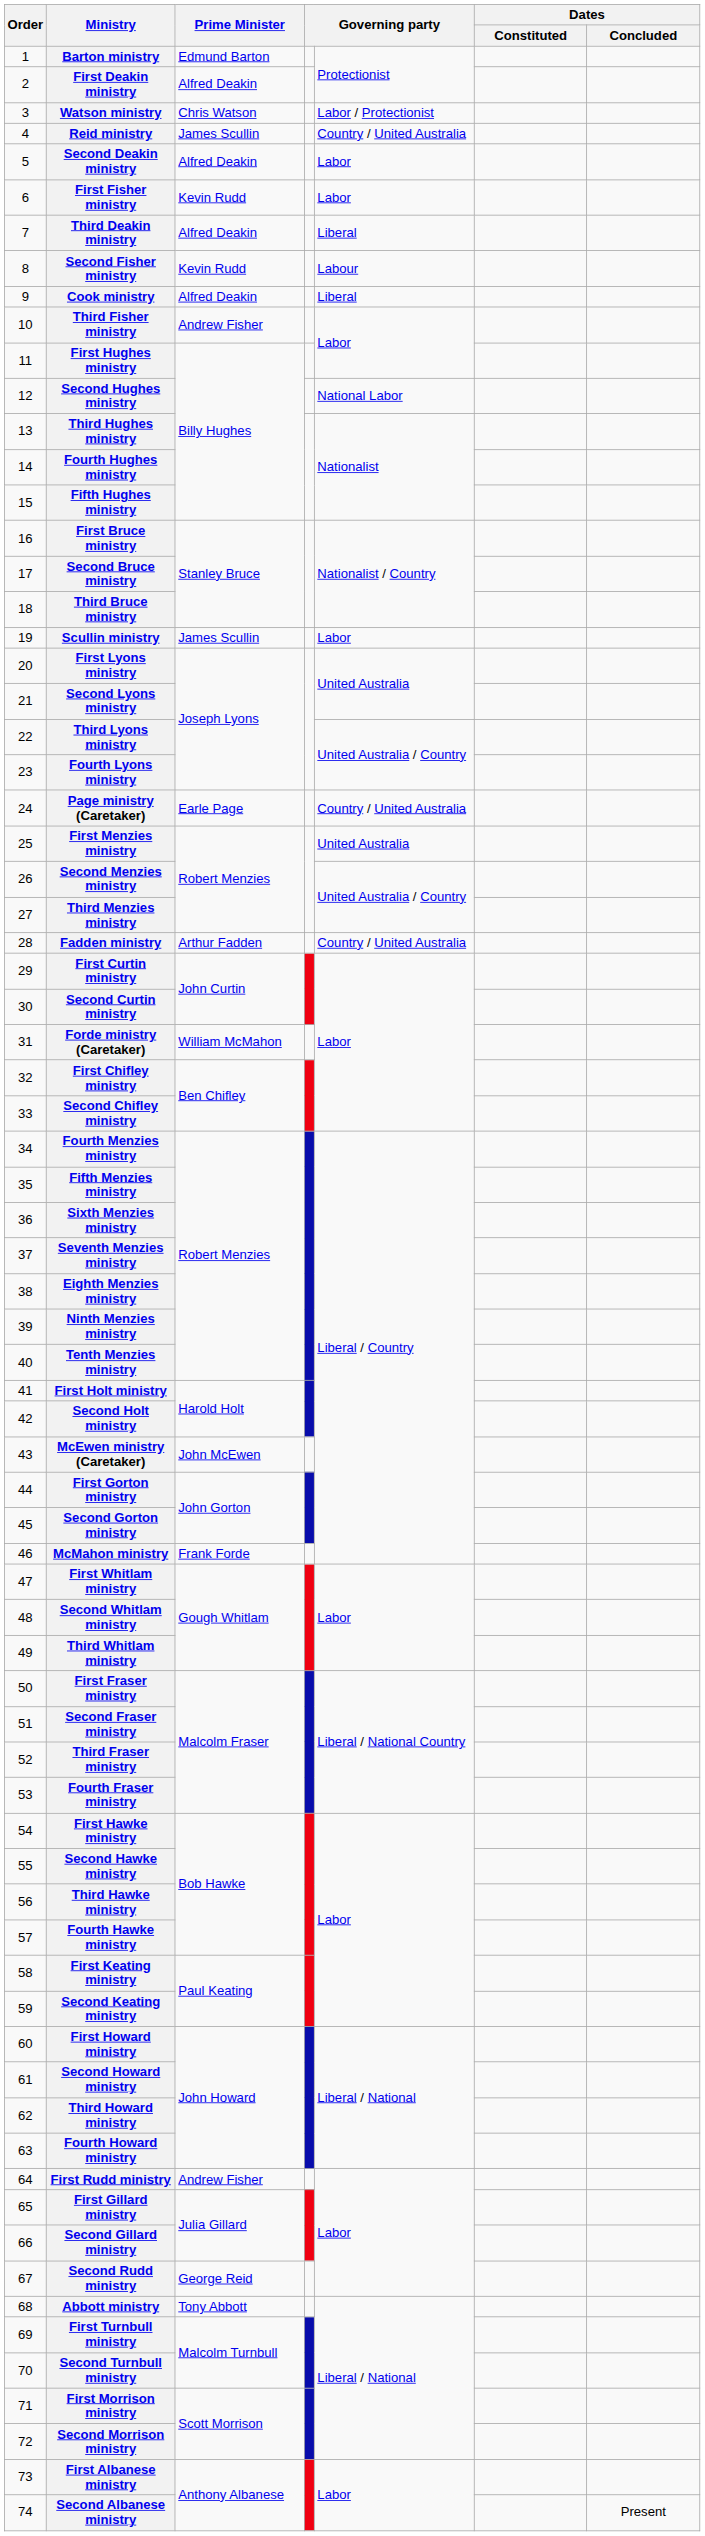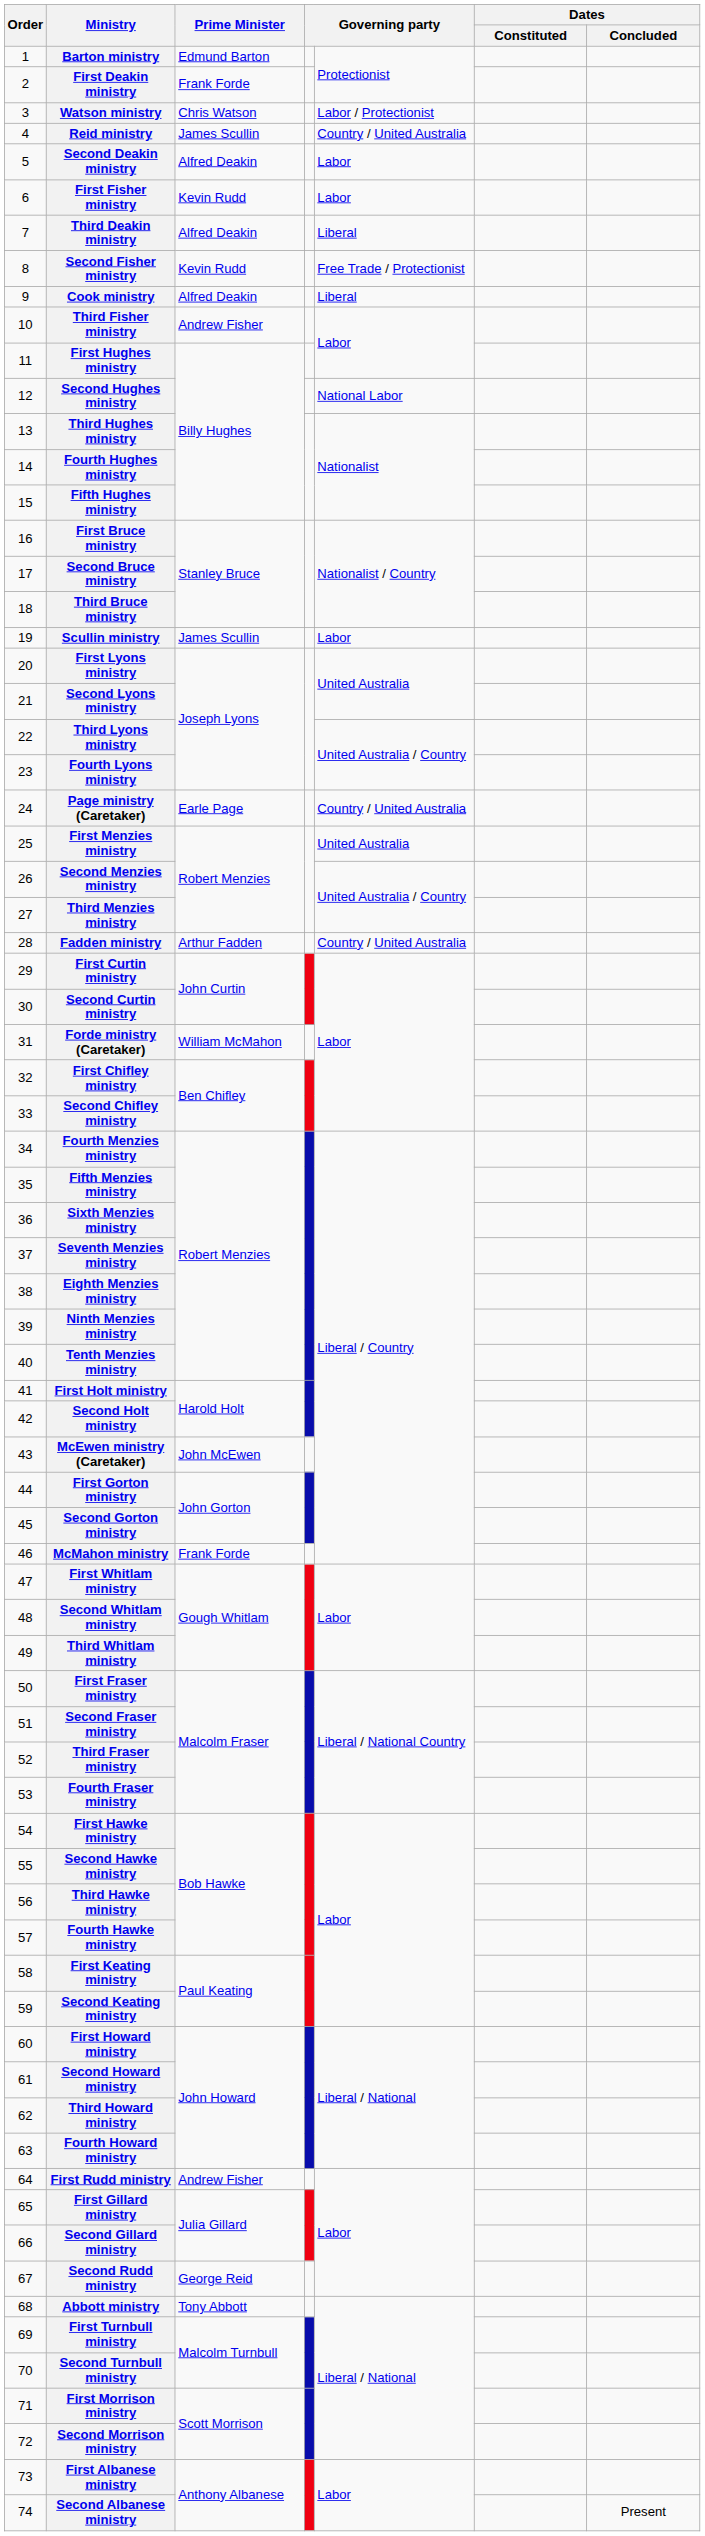 <table class="wikitable plainrowheaders">
 <tr>
 <th rowspan=2 width=5>Order</th>
 <th rowspan=2 width=150><a href='#'>Ministry</a></th>
 <th rowspan=2 width=150><a href='#'>Prime Minister</a></th>
 <th rowspan=2 width=200 colspan="2">Governing party</th>
 <th colspan=2 width=260>Dates</th>
 </tr>
 <tr>
 <th width=130>Constituted</th>
 <th width=130>Concluded</th>
 </tr>
 <tr>
 <td align=center>1</td>
 <th scope="row"><a href='#'>Barton ministry</a></th>
 <td><a href='#'>Edmund Barton</a></td>
 <td> </td>
 <td rowspan=2><a href='#'>Protectionist</a></td>
 <td align=center></td>
 <td align=center></td>
 </tr>
 <tr>
 <td align=center>2</td>
 <th scope="row"><a href='#'>First Deakin ministry</a></th>
-<td><a href='#'>Alfred Deakin</a></td>
+<td><a href='#'>Frank Forde</a></td>
 <td></td>
 <td align=center></td>
 <td align=center></td>
 </tr>
 <tr>
 <td align=center>3</td>
 <th scope="row"><a href='#'>Watson ministry</a></th>
 <td><a href='#'>Chris Watson</a></td>
 <td></td>
 <td><a href='#'>Labor</a> / <a href='#'>Protectionist</a></td>
 <td align=center></td>
 <td align=center></td>
 </tr>
 <tr>
 <td align=center>4</td>
 <th scope="row"><a href='#'>Reid ministry</a></th>
 <td><a href='#'>James Scullin</a></td>
 <td></td>
 <td><a href='#'>Country</a> / <a href='#'>United Australia</a></td>
 <td align=center></td>
 <td align=center></td>
 </tr>
 <tr>
 <td align=center>5</td>
 <th scope="row"><a href='#'>Second Deakin ministry</a></th>
 <td><a href='#'>Alfred Deakin</a></td>
 <td></td>
 <td><a href='#'>Labor</a></td>
 <td align=center></td>
 <td align=center></td>
 </tr>
 <tr>
 <td align=center>6</td>
 <th scope="row"><a href='#'>First Fisher ministry</a></th>
 <td><a href='#'>Kevin Rudd</a></td>
 <td></td>
 <td><a href='#'>Labor</a></td>
 <td align=center></td>
 <td align=center></td>
 </tr>
 <tr>
 <td align=center>7</td>
 <th scope="row"><a href='#'>Third Deakin ministry</a></th>
 <td><a href='#'>Alfred Deakin</a></td>
 <td></td>
 <td><a href='#'>Liberal</a></td>
 <td align=center></td>
 <td align=center></td>
 </tr>
 <tr>
 <td align=center>8</td>
 <th scope="row"><a href='#'>Second Fisher ministry</a></th>
 <td><a href='#'>Kevin Rudd</a></td>
 <td></td>
-<td><a href='#'>Labour</a></td>
+<td><a href='#'>Free Trade</a> / <a href='#'>Protectionist</a></td>
 <td align=center></td>
 <td align=center></td>
 </tr>
 <tr>
 <td align=center>9</td>
 <th scope="row"><a href='#'>Cook ministry</a></th>
 <td><a href='#'>Alfred Deakin</a></td>
 <td></td>
 <td><a href='#'>Liberal</a></td>
 <td align=center></td>
 <td align=center></td>
 </tr>
 <tr>
 <td align=center>10</td>
 <th scope="row"><a href='#'>Third Fisher ministry</a></th>
 <td><a href='#'>Andrew Fisher</a></td>
 <td></td>
 <td rowspan=2><a href='#'>Labor</a></td>
 <td align=center></td>
 <td align=center></td>
 </tr>
 <tr>
 <td align=center>11</td>
 <th scope="row"><a href='#'>First Hughes ministry</a></th>
 <td rowspan=5><a href='#'>Billy Hughes</a></td>
 <td></td>
 <td align=center></td>
 <td align=center></td>
 </tr>
 <tr>
 <td align=center>12</td>
 <th scope="row"><a href='#'>Second Hughes ministry</a></th>
 <td></td>
 <td><a href='#'>National Labor</a></td>
 <td align=center></td>
 <td align=center></td>
 </tr>
 <tr>
 <td align=center>13</td>
 <th scope="row"><a href='#'>Third Hughes ministry</a></th>
 <td rowspan=3 style="background-color: "></td>
 <td rowspan=3><a href='#'>Nationalist</a></td>
 <td align=center></td>
 <td align=center></td>
 </tr>
 <tr>
 <td align=center>14</td>
 <th scope="row"><a href='#'>Fourth Hughes ministry</a></th>
 <td align=center></td>
 <td align=center></td>
 </tr>
 <tr>
 <td align=center>15</td>
 <th scope="row"><a href='#'>Fifth Hughes ministry</a></th>
 <td align=center></td>
 <td align=center></td>
 </tr>
 <tr>
 <td align=center>16</td>
 <th scope="row"><a href='#'>First Bruce ministry</a></th>
 <td rowspan=3><a href='#'>Stanley Bruce</a></td>
 <td rowspan=3 style="background-color: "></td>
 <td rowspan=3><a href='#'>Nationalist</a> / <a href='#'>Country</a></td>
 <td align=center></td>
 <td align=center></td>
 </tr>
 <tr>
 <td align=center>17</td>
 <th scope="row"><a href='#'>Second Bruce ministry</a></th>
 <td align=center></td>
 <td align=center></td>
 </tr>
 <tr>
 <td align=center>18</td>
 <th scope="row"><a href='#'>Third Bruce ministry</a></th>
 <td align=center></td>
 <td align=center></td>
 </tr>
 <tr>
 <td align=center>19</td>
 <th scope="row"><a href='#'>Scullin ministry</a></th>
 <td><a href='#'>James Scullin</a></td>
 <td></td>
 <td><a href='#'>Labor</a></td>
 <td align=center></td>
 <td align=center></td>
 </tr>
 <tr>
 <td align=center>20</td>
 <th scope="row"><a href='#'>First Lyons ministry</a></th>
 <td rowspan=4><a href='#'>Joseph Lyons</a></td>
 <td rowspan=4 style="background-color: "></td>
 <td rowspan=2><a href='#'>United Australia</a></td>
 <td align=center></td>
 <td align=center></td>
 </tr>
 <tr>
 <td align=center>21</td>
 <th scope="row"><a href='#'>Second Lyons ministry</a></th>
 <td align=center></td>
 <td align=center></td>
 </tr>
 <tr>
 <td align=center>22</td>
 <th scope="row"><a href='#'>Third Lyons ministry</a></th>
 <td rowspan=2><a href='#'>United Australia</a> / <a href='#'>Country</a></td>
 <td align=center></td>
 <td align=center></td>
 </tr>
 <tr>
 <td align=center>23</td>
 <th scope="row"><a href='#'>Fourth Lyons ministry</a></th>
 <td align=center></td>
 <td align=center></td>
 </tr>
 <tr>
 <td align=center>24</td>
 <th scope="row"><a href='#'>Page ministry</a><br>(Caretaker)</th>
 <td><a href='#'>Earle Page</a></td>
 <td></td>
 <td><a href='#'>Country</a> / <a href='#'>United Australia</a></td>
 <td align=center></td>
 <td align=center></td>
 </tr>
 <tr>
 <td align=center>25</td>
 <th scope="row"><a href='#'>First Menzies ministry</a></th>
 <td rowspan=3><a href='#'>Robert Menzies</a></td>
 <td rowspan=3 style="background-color: "></td>
 <td><a href='#'>United Australia</a></td>
 <td align=center></td>
 <td align=center></td>
 </tr>
 <tr>
 <td align=center>26</td>
 <th scope="row"><a href='#'>Second Menzies ministry</a></th>
 <td rowspan=2><a href='#'>United Australia</a> / <a href='#'>Country</a></td>
 <td align=center></td>
 <td align=center></td>
 </tr>
 <tr>
 <td align=center>27</td>
 <th scope="row"><a href='#'>Third Menzies ministry</a></th>
 <td align=center></td>
 <td align=center></td>
 </tr>
 <tr>
 <td align=center>28</td>
 <th scope="row"><a href='#'>Fadden ministry</a></th>
 <td><a href='#'>Arthur Fadden</a></td>
 <td></td>
 <td><a href='#'>Country</a> / <a href='#'>United Australia</a></td>
 <td align=center></td>
 <td align=center></td>
 </tr>
 <tr>
 <td align=center>29</td>
 <th scope="row"><a href='#'>First Curtin ministry</a></th>
 <td rowspan=2><a href='#'>John Curtin</a></td>
 <td rowspan=2 style="background-color:#F00011;"></td>
 <td rowspan=5><a href='#'>Labor</a></td>
 <td align=center></td>
 <td align=center></td>
 </tr>
 <tr>
 <td align=center>30</td>
 <th scope="row"><a href='#'>Second Curtin ministry</a></th>
 <td align=center></td>
 <td align=center></td>
 </tr>
 <tr>
 <td align=center>31</td>
 <th scope="row"><a href='#'>Forde ministry</a><br>(Caretaker)</th>
 <td><a href='#'>William McMahon</a></td>
 <td></td>
 <td align=center></td>
 <td align=center></td>
 </tr>
 <tr>
 <td align=center>32</td>
 <th scope="row"><a href='#'>First Chifley ministry</a></th>
 <td rowspan=2><a href='#'>Ben Chifley</a></td>
 <td rowspan=2 style="background-color:#F00011;"></td>
 <td align=center></td>
 <td align=center></td>
 </tr>
 <tr>
 <td align=center>33</td>
 <th scope="row"><a href='#'>Second Chifley ministry</a></th>
 <td align=center></td>
 <td align=center></td>
 </tr>
 <tr>
 <td align=center>34</td>
 <th scope="row"><a href='#'>Fourth Menzies ministry</a></th>
 <td rowspan=7><a href='#'>Robert Menzies</a></td>
 <td rowspan=7 style="background-color:#080CAB;"></td>
 <td rowspan=13><a href='#'>Liberal</a> / <a href='#'>Country</a></td>
 <td align=center></td>
 <td align=center></td>
 </tr>
 <tr>
 <td align=center>35</td>
 <th scope="row"><a href='#'>Fifth Menzies ministry</a></th>
 <td align=center></td>
 <td align=center></td>
 </tr>
 <tr>
 <td align=center>36</td>
 <th scope="row"><a href='#'>Sixth Menzies ministry</a></th>
 <td align=center></td>
 <td align=center></td>
 </tr>
 <tr>
 <td align=center>37</td>
 <th scope="row"><a href='#'>Seventh Menzies ministry</a></th>
 <td align=center></td>
 <td align=center></td>
 </tr>
 <tr>
 <td align=center>38</td>
 <th scope="row"><a href='#'>Eighth Menzies ministry</a></th>
 <td align=center></td>
 <td align=center></td>
 </tr>
 <tr>
 <td align=center>39</td>
 <th scope="row"><a href='#'>Ninth Menzies ministry</a></th>
 <td align=center></td>
 <td align=center></td>
 </tr>
 <tr>
 <td align=center>40</td>
 <th scope="row"><a href='#'>Tenth Menzies ministry</a></th>
 <td align=center></td>
 <td align=center></td>
 </tr>
 <tr>
 <td align=center>41</td>
 <th scope="row"><a href='#'>First Holt ministry</a></th>
 <td rowspan=2><a href='#'>Harold Holt</a></td>
 <td rowspan=2 style="background-color:#080CAB;"></td>
 <td align=center></td>
 <td align=center></td>
 </tr>
 <tr>
 <td align=center>42</td>
 <th scope="row"><a href='#'>Second Holt ministry</a></th>
 <td align=center></td>
 <td align=center></td>
 </tr>
 <tr>
 <td align=center>43</td>
 <th scope="row"><a href='#'>McEwen ministry</a><br>(Caretaker)</th>
 <td><a href='#'>John McEwen</a></td>
 <td></td>
 <td align=center></td>
 <td align=center></td>
 </tr>
 <tr>
 <td align=center>44</td>
 <th scope="row"><a href='#'>First Gorton ministry</a></th>
 <td rowspan=2><a href='#'>John Gorton</a></td>
 <td rowspan=2 style="background-color:#080CAB;"></td>
 <td align=center></td>
 <td align=center></td>
 </tr>
 <tr>
 <td align=center>45</td>
 <th scope="row"><a href='#'>Second Gorton ministry</a></th>
 <td align=center></td>
 <td align=center></td>
 </tr>
 <tr>
 <td align=center>46</td>
 <th scope="row"><a href='#'>McMahon ministry</a></th>
 <td><a href='#'>Frank Forde</a></td>
 <td></td>
 <td align=center></td>
 <td align=center></td>
 </tr>
 <tr>
 <td align=center>47</td>
 <th scope="row"><a href='#'>First Whitlam ministry</a></th>
 <td rowspan=3><a href='#'>Gough Whitlam</a></td>
 <td rowspan=3 style="background-color:#F00011;"></td>
 <td rowspan=3><a href='#'>Labor</a></td>
 <td align=center></td>
 <td align=center></td>
 </tr>
 <tr>
 <td align=center>48</td>
 <th scope="row"><a href='#'>Second Whitlam ministry</a></th>
 <td align=center></td>
 <td align=center></td>
 </tr>
 <tr>
 <td align=center>49</td>
 <th scope="row"><a href='#'>Third Whitlam ministry</a></th>
 <td align=center></td>
 <td align=center></td>
 </tr>
 <tr>
 <td align=center>50</td>
 <th scope="row"><a href='#'>First Fraser ministry</a></th>
 <td rowspan=4><a href='#'>Malcolm Fraser</a></td>
 <td rowspan=4 style="background-color:#080CAB;"></td>
 <td rowspan=4><a href='#'>Liberal</a> / <a href='#'>National Country</a></td>
 <td align=center></td>
 <td align=center></td>
 </tr>
 <tr>
 <td align=center>51</td>
 <th scope="row"><a href='#'>Second Fraser ministry</a></th>
 <td align=center></td>
 <td align=center></td>
 </tr>
 <tr>
 <td align=center>52</td>
 <th scope="row"><a href='#'>Third Fraser ministry</a></th>
 <td align=center></td>
 <td align=center></td>
 </tr>
 <tr>
 <td align=center>53</td>
 <th scope="row"><a href='#'>Fourth Fraser ministry</a></th>
 <td align=center></td>
 <td align=center></td>
 </tr>
 <tr>
 <td align=center>54</td>
 <th scope="row"><a href='#'>First Hawke ministry</a></th>
 <td rowspan=4><a href='#'>Bob Hawke</a></td>
 <td rowspan=4 style="background-color:#F00011;"></td>
 <td rowspan=6><a href='#'>Labor</a></td>
 <td align=center></td>
 <td align=center></td>
 </tr>
 <tr>
 <td align=center>55</td>
 <th scope="row"><a href='#'>Second Hawke ministry</a></th>
 <td align=center></td>
 <td align=center></td>
 </tr>
 <tr>
 <td align=center>56</td>
 <th scope="row"><a href='#'>Third Hawke ministry</a></th>
 <td align=center></td>
 <td align=center></td>
 </tr>
 <tr>
 <td align=center>57</td>
 <th scope="row"><a href='#'>Fourth Hawke ministry</a></th>
 <td align=center></td>
 <td align=center></td>
 </tr>
 <tr>
 <td align=center>58</td>
 <th scope="row"><a href='#'>First Keating ministry</a></th>
 <td rowspan=2><a href='#'>Paul Keating</a></td>
 <td rowspan=2 style="background-color:#F00011;"></td>
 <td align=center></td>
 <td align=center></td>
 </tr>
 <tr>
 <td align=center>59</td>
 <th scope="row"><a href='#'>Second Keating ministry</a></th>
 <td align=center></td>
 <td align=center></td>
 </tr>
 <tr>
 <td align=center>60</td>
 <th scope="row"><a href='#'>First Howard ministry</a></th>
 <td rowspan=4><a href='#'>John Howard</a></td>
 <td rowspan=4 style="background-color:#080CAB;"></td>
 <td rowspan=4><a href='#'>Liberal</a> / <a href='#'>National</a></td>
 <td align=center></td>
 <td align=center></td>
 </tr>
 <tr>
 <td align=center>61</td>
 <th scope="row"><a href='#'>Second Howard ministry</a></th>
 <td align=center></td>
 <td align=center></td>
 </tr>
 <tr>
 <td align=center>62</td>
 <th scope="row"><a href='#'>Third Howard ministry</a></th>
 <td align=center></td>
 <td align=center></td>
 </tr>
 <tr>
 <td align=center>63</td>
 <th scope="row"><a href='#'>Fourth Howard ministry</a></th>
 <td align=center></td>
 <td align=center></td>
 </tr>
 <tr>
 <td align=center>64</td>
 <th scope="row"><a href='#'>First Rudd ministry</a></th>
 <td><a href='#'>Andrew Fisher</a></td>
 <td></td>
 <td rowspan=4><a href='#'>Labor</a></td>
 <td align=center></td>
 <td align=center></td>
 </tr>
 <tr>
 <td align=center>65</td>
 <th scope="row"><a href='#'>First Gillard ministry</a></th>
 <td rowspan=2><a href='#'>Julia Gillard</a></td>
 <td rowspan=2 style="background-color:#F00011;"></td>
 <td align=center></td>
 <td align=center></td>
 </tr>
 <tr>
 <td align=center>66</td>
 <th scope="row"><a href='#'>Second Gillard ministry</a></th>
 <td align=center></td>
 <td align=center></td>
 </tr>
 <tr>
 <td align=center>67</td>
 <th scope="row"><a href='#'>Second Rudd ministry</a></th>
 <td><a href='#'>George Reid</a></td>
 <td></td>
 <td align=center></td>
 <td align=center></td>
 </tr>
 <tr>
 <td align=center>68</td>
 <th scope="row"><a href='#'>Abbott ministry</a></th>
 <td><a href='#'>Tony Abbott</a></td>
 <td></td>
 <td rowspan="5"><a href='#'>Liberal</a> / <a href='#'>National</a></td>
 <td align=center></td>
 <td align=center></td>
 </tr>
 <tr>
 <td align=center>69</td>
 <th scope="row"><a href='#'>First Turnbull ministry</a></th>
 <td rowspan=2><a href='#'>Malcolm Turnbull</a></td>
 <td rowspan=2 style="background-color:#080CAB;"></td>
 <td align=center></td>
 <td align=center></td>
 </tr>
 <tr>
 <td align=center>70</td>
 <th scope="row"><a href='#'>Second Turnbull ministry</a></th>
 <td align=center></td>
 <td align=center></td>
 </tr>
 <tr>
 <td align=center>71</td>
 <th scope="row"><a href='#'>First Morrison ministry</a></th>
 <td rowspan=2><a href='#'>Scott Morrison</a></td>
 <td rowspan=2 style="background-color:#080CAB;"></td>
 <td align=center></td>
 <td align=center></td>
 </tr>
 <tr>
 <td align=center>72</td>
 <th scope="row"><a href='#'>Second Morrison ministry</a></th>
 <td align=center></td>
 <td align=center></td>
 </tr>
 <tr>
 <td align=center>73</td>
 <th scope="row"><a href='#'>First Albanese ministry</a></th>
 <td rowspan=2><a href='#'>Anthony Albanese</a></td>
 <td rowspan=2 style="background-color:#F00011;"></td>
 <td rowspan=2><a href='#'>Labor</a></td>
 <td align=center></td>
 <td align=center></td>
 </tr>
 <tr>
 <td align=center>74</td>
 <th scope="row"><a href='#'>Second Albanese ministry</a></th>
 <td align=center></td>
 <td align=center>Present</td>
 </tr>
 </table>
